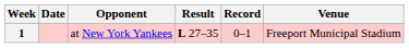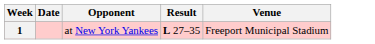 <table class="wikitable" style="text-align:center">
 <tr>
 <th>Week</th>
 <th>Date</th>
 <th>Opponent</th>
 <th>Result</th>
-<th>Record</th>
 <th>Venue</th>
 </tr>
 <tr style="background:#fcc">
 <th>1</th>
 <td></td>
 <td>at <a href='#'>New York Yankees</a></td>
 <td><strong>L</strong> 27–35</td>
-<td>0–1</td>
 <td>Freeport Municipal Stadium</td>
 </tr>
 </table>
